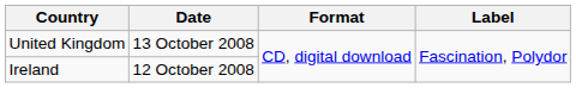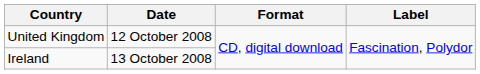 <table class="wikitable">
 <tr>
 <th>Country</th>
 <th>Date</th>
 <th>Format</th>
 <th>Label</th>
 </tr>
 <tr>
 <td>United Kingdom</td>
-<td>13 October 2008</td>
+<td>12 October 2008</td>
 <td rowspan="2"><a href='#'>CD</a>, <a href='#'>digital download</a></td>
 <td rowspan="2"><a href='#'>Fascination</a>, <a href='#'>Polydor</a></td>
 </tr>
 <tr>
 <td>Ireland</td>
-<td>12 October 2008</td>
+<td>13 October 2008</td>
 </tr>
 </table>
